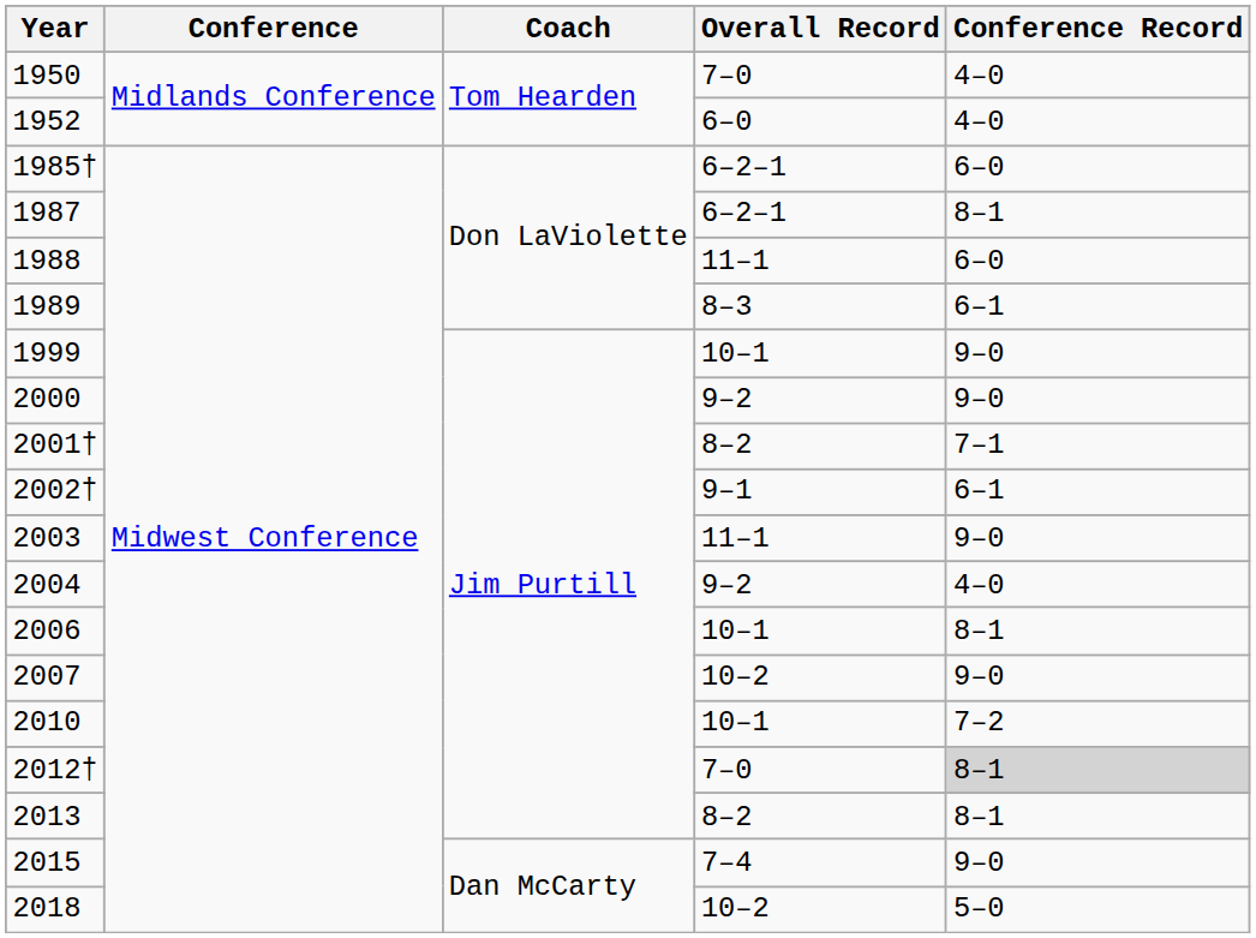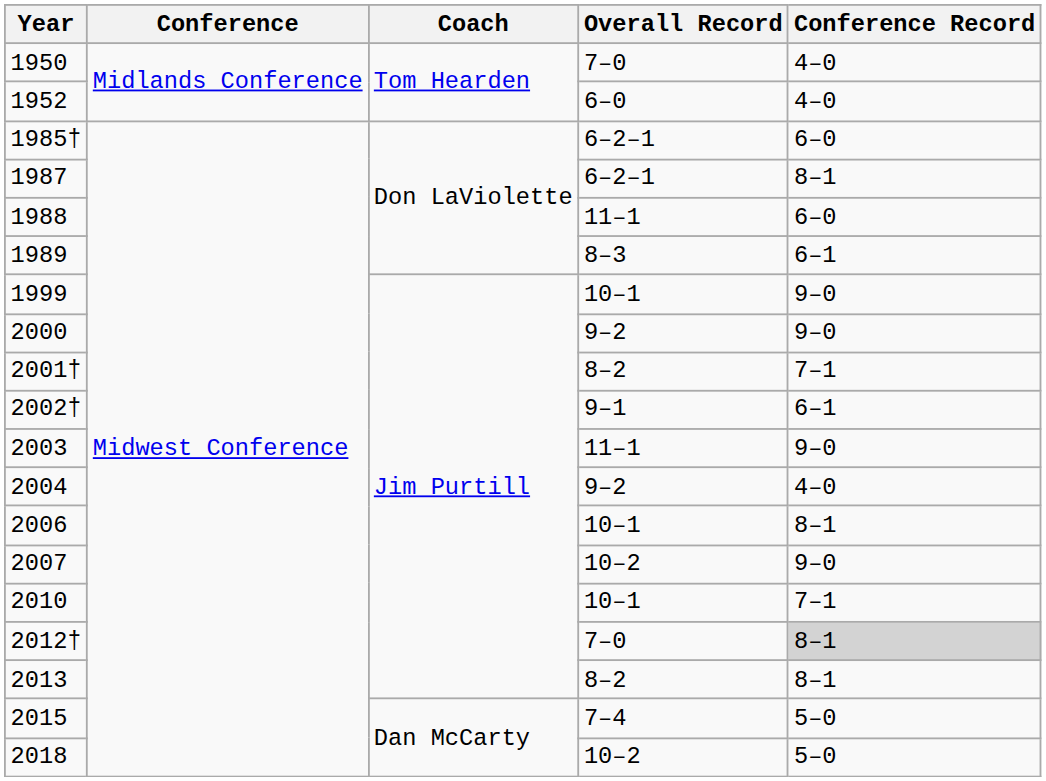 <table class="wikitable">
 <tr>
 <th>Year</th>
 <th>Conference</th>
 <th>Coach</th>
 <th>Overall Record</th>
 <th>Conference Record</th>
 </tr>
 <tr>
 <td>1950</td>
 <td rowspan="2"><a href='#'>Midlands Conference</a></td>
 <td rowspan="2"><a href='#'>Tom Hearden</a></td>
 <td>7–0</td>
 <td>4–0</td>
 </tr>
 <tr>
 <td>1952</td>
 <td>6–0</td>
 <td>4–0</td>
 </tr>
 <tr>
 <td>1985†</td>
 <td rowspan="17"><a href='#'>Midwest Conference</a></td>
 <td rowspan="4">Don LaViolette</td>
 <td>6–2–1</td>
 <td>6–0</td>
 </tr>
 <tr>
 <td>1987</td>
 <td>6–2–1</td>
 <td>8–1</td>
 </tr>
 <tr>
 <td>1988</td>
 <td>11–1</td>
 <td>6–0</td>
 </tr>
 <tr>
 <td>1989</td>
 <td>8–3</td>
 <td>6–1</td>
 </tr>
 <tr>
 <td>1999</td>
 <td rowspan="11"><a href='#'>Jim Purtill</a></td>
 <td>10–1</td>
 <td>9–0</td>
 </tr>
 <tr>
 <td>2000</td>
 <td>9–2</td>
 <td>9–0</td>
 </tr>
 <tr>
 <td>2001†</td>
 <td>8–2</td>
 <td>7–1</td>
 </tr>
 <tr>
 <td>2002†</td>
 <td>9–1</td>
 <td>6–1</td>
 </tr>
 <tr>
 <td>2003</td>
 <td>11–1</td>
 <td>9–0</td>
 </tr>
 <tr>
 <td>2004</td>
 <td>9–2</td>
 <td>4–0</td>
 </tr>
 <tr>
 <td>2006</td>
 <td>10–1</td>
 <td>8–1</td>
 </tr>
 <tr>
 <td>2007</td>
 <td>10–2</td>
 <td>9–0</td>
 </tr>
 <tr>
 <td>2010</td>
 <td>10–1</td>
-<td>7–2</td>
+<td>7–1</td>
 </tr>
 <tr>
 <td>2012†</td>
 <td>7–0</td>
 <td style="background: lightgrey;">8–1</td>
 </tr>
 <tr>
 <td>2013</td>
 <td>8–2</td>
 <td>8–1</td>
 </tr>
 <tr>
 <td>2015</td>
 <td rowspan="2">Dan McCarty</td>
 <td>7–4</td>
-<td>9–0</td>
+<td>5–0</td>
 </tr>
 <tr>
 <td>2018</td>
 <td>10–2</td>
 <td>5–0</td>
 </tr>
 </table>
